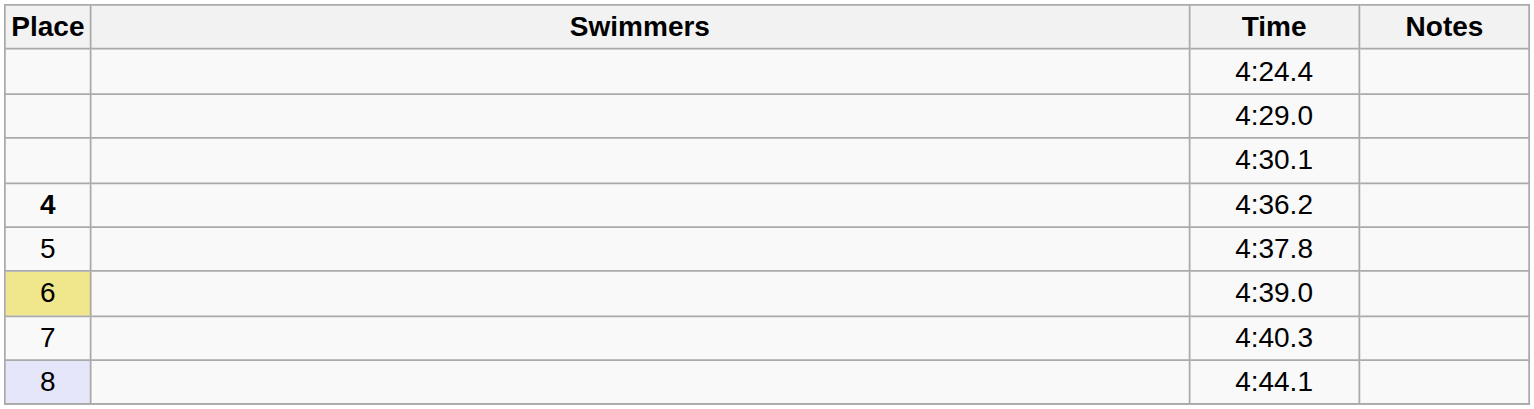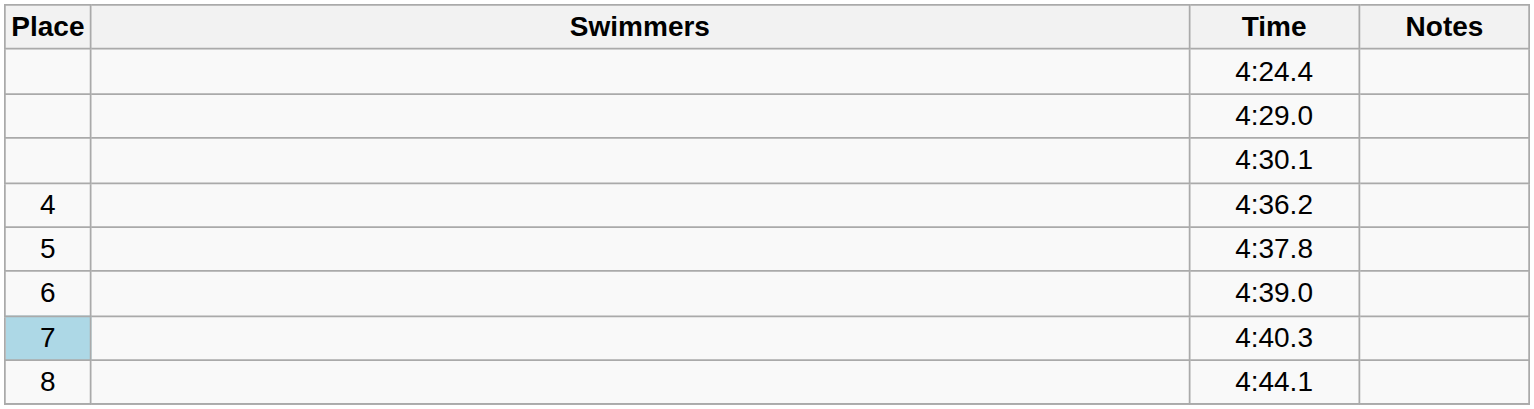 <table class=wikitable style="text-align:center">
 <tr>
 <th>Place</th>
 <th width=620>Swimmers</th>
 <th width=90>Time</th>
 <th width=90>Notes</th>
 </tr>
 <tr>
 <td></td>
 <td align=left></td>
 <td>4:24.4</td>
 <td></td>
 </tr>
 <tr>
 <td></td>
 <td align=left></td>
 <td>4:29.0</td>
 <td></td>
 </tr>
 <tr>
 <td></td>
 <td align=left></td>
 <td>4:30.1</td>
 <td></td>
 </tr>
 <tr>
-<td><strong>4</strong></td>
+<td>4</td>
 <td align=left></td>
 <td>4:36.2</td>
 <td></td>
 </tr>
 <tr>
 <td>5</td>
 <td align=left></td>
 <td>4:37.8</td>
 <td></td>
 </tr>
 <tr>
-<td style="background: khaki;">6</td>
+<td>6</td>
 <td align=left></td>
 <td>4:39.0</td>
 <td></td>
 </tr>
 <tr>
-<td>7</td>
+<td style="background: lightblue;">7</td>
 <td align=left></td>
 <td>4:40.3</td>
 <td></td>
 </tr>
 <tr>
-<td style="background: lavender;">8</td>
+<td>8</td>
 <td align=left></td>
 <td>4:44.1</td>
 <td></td>
 </tr>
 <tr>
 </tr>
 </table>
